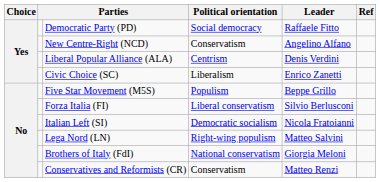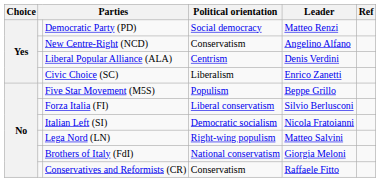 <table class="wikitable">
 <tr>
 <th>Choice</th>
 <th colspan=2>Parties</th>
 <th>Political orientation</th>
 <th>Leader</th>
 <th>Ref</th>
 </tr>
 <tr>
 <th rowspan=4> Yes</th>
 <td style="background-color: "></td>
 <td><a href='#'>Democratic Party</a> (PD)</td>
 <td><a href='#'>Social democracy</a></td>
-<td><a href='#'>Raffaele Fitto</a></td>
+<td><a href='#'>Matteo Renzi</a></td>
 <td></td>
 </tr>
 <tr>
 <td style="background-color: "></td>
 <td><a href='#'>New Centre-Right</a> (NCD)</td>
 <td>Conservatism</td>
 <td><a href='#'>Angelino Alfano</a></td>
 <td></td>
 </tr>
 <tr>
 <td style="background-color: "></td>
 <td><a href='#'>Liberal Popular Alliance</a> (ALA)</td>
 <td><a href='#'>Centrism</a></td>
 <td><a href='#'>Denis Verdini</a></td>
 <td></td>
 </tr>
 <tr>
 <td style="background-color: "></td>
 <td><a href='#'>Civic Choice</a> (SC)</td>
 <td>Liberalism</td>
 <td><a href='#'>Enrico Zanetti</a></td>
 <td></td>
 </tr>
 <tr>
 <th rowspan=6> No</th>
 <td style="background-color: "></td>
 <td><a href='#'>Five Star Movement</a> (M5S)</td>
 <td><a href='#'>Populism</a></td>
 <td><a href='#'>Beppe Grillo</a></td>
 <td></td>
 </tr>
 <tr>
 <td style="background-color: "></td>
 <td><a href='#'>Forza Italia</a> (FI)</td>
 <td><a href='#'>Liberal conservatism</a></td>
 <td><a href='#'>Silvio Berlusconi</a></td>
 <td></td>
 </tr>
 <tr>
 <td style="background-color: "></td>
 <td><a href='#'>Italian Left</a> (SI)</td>
 <td><a href='#'>Democratic socialism</a></td>
 <td><a href='#'>Nicola Fratoianni</a></td>
 <td></td>
 </tr>
 <tr>
 <td style="background-color: "></td>
 <td><a href='#'>Lega Nord</a> (LN)</td>
 <td><a href='#'>Right-wing populism</a></td>
 <td><a href='#'>Matteo Salvini</a></td>
 <td></td>
 </tr>
 <tr>
 <td style="background-color: "></td>
 <td><a href='#'>Brothers of Italy</a> (FdI)</td>
 <td><a href='#'>National conservatism</a></td>
 <td><a href='#'>Giorgia Meloni</a></td>
 <td></td>
 </tr>
 <tr>
 <td style="background-color: "></td>
 <td><a href='#'>Conservatives and Reformists</a> (CR)</td>
 <td>Conservatism</td>
-<td><a href='#'>Matteo Renzi</a></td>
+<td><a href='#'>Raffaele Fitto</a></td>
 <td></td>
 </tr>
 </table>
